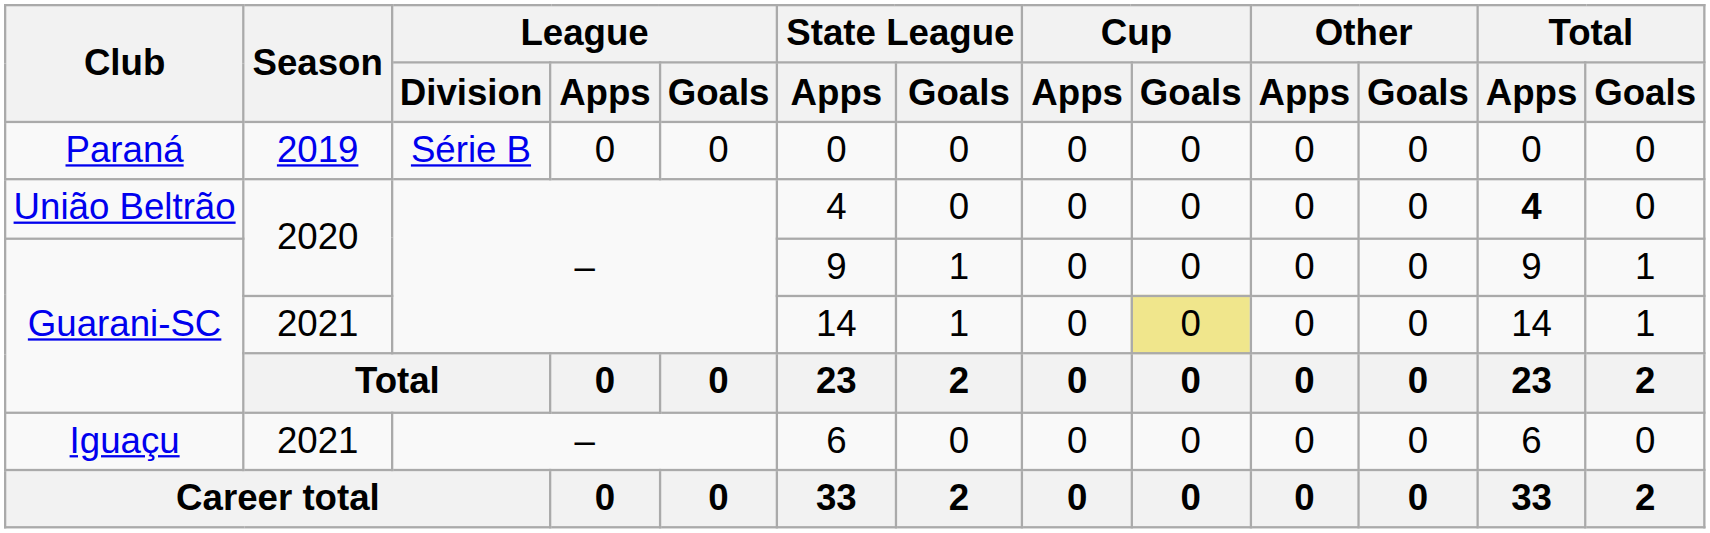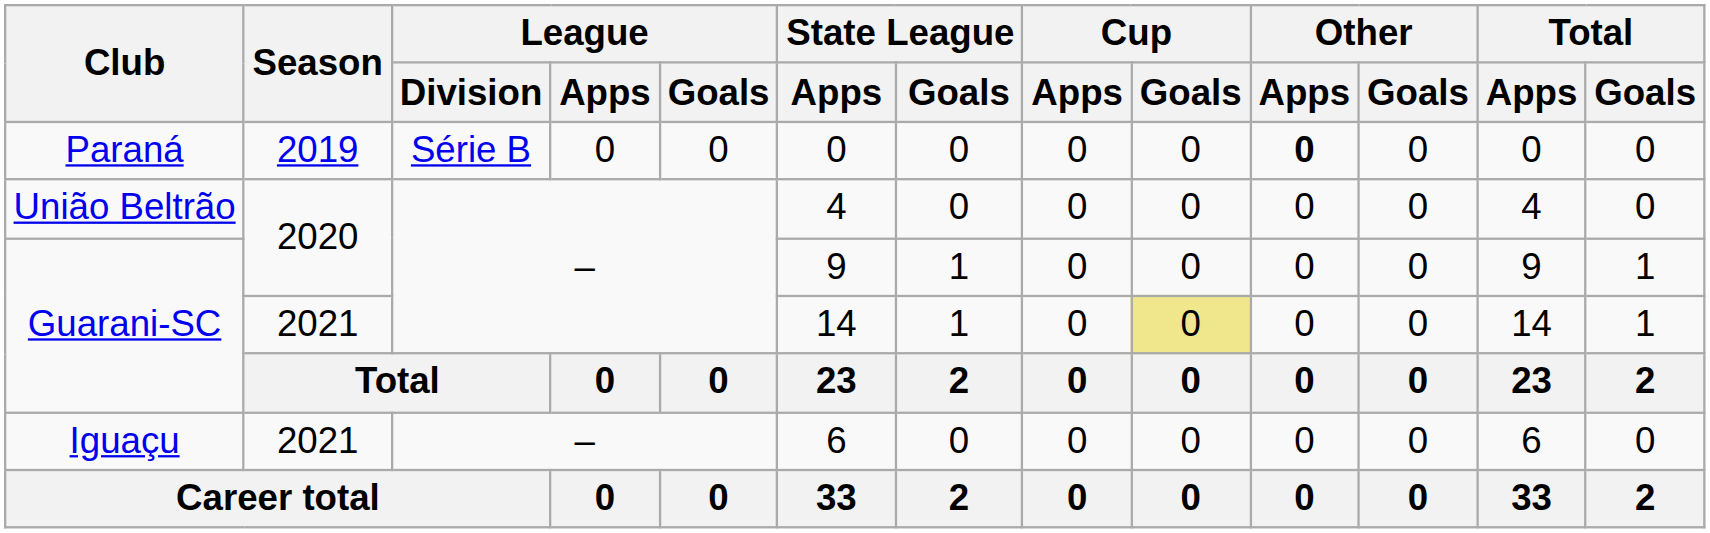 <table class="wikitable" style="text-align: center">
 <tr>
 <th rowspan="2">Club</th>
 <th rowspan="2">Season</th>
 <th colspan="3">League</th>
 <th colspan="2">State League</th>
 <th colspan="2">Cup</th>
 <th colspan="2">Other</th>
 <th colspan="2">Total</th>
 </tr>
 <tr>
 <th>Division</th>
 <th>Apps</th>
 <th>Goals</th>
 <th>Apps</th>
 <th>Goals</th>
 <th>Apps</th>
 <th>Goals</th>
 <th>Apps</th>
 <th>Goals</th>
 <th>Apps</th>
 <th>Goals</th>
 </tr>
 <tr>
 <td><a href='#'>Paraná</a></td>
 <td><a href='#'>2019</a></td>
 <td><a href='#'>Série B</a></td>
 <td>0</td>
 <td>0</td>
 <td>0</td>
 <td>0</td>
 <td>0</td>
 <td>0</td>
-<td>0</td>
+<td><strong>0</strong></td>
 <td>0</td>
 <td>0</td>
 <td>0</td>
 </tr>
 <tr>
 <td><a href='#'>União Beltrão</a></td>
 <td rowspan="2">2020</td>
 <td colspan="3" rowspan="3">–</td>
 <td>4</td>
 <td>0</td>
 <td>0</td>
 <td>0</td>
 <td>0</td>
 <td>0</td>
-<td><strong>4</strong></td>
+<td>4</td>
 <td>0</td>
 </tr>
 <tr>
 <td rowspan="3"><a href='#'>Guarani-SC</a></td>
 <td>9</td>
 <td>1</td>
 <td>0</td>
 <td>0</td>
 <td>0</td>
 <td>0</td>
 <td>9</td>
 <td>1</td>
 </tr>
 <tr>
 <td>2021</td>
 <td>14</td>
 <td>1</td>
 <td>0</td>
 <td style="background: khaki;">0</td>
 <td>0</td>
 <td>0</td>
 <td>14</td>
 <td>1</td>
 </tr>
 <tr>
 <th colspan="2"><strong>Total</strong></th>
 <th>0</th>
 <th>0</th>
 <th>23</th>
 <th>2</th>
 <th>0</th>
 <th>0</th>
 <th>0</th>
 <th>0</th>
 <th>23</th>
 <th>2</th>
 </tr>
 <tr>
 <td><a href='#'>Iguaçu</a></td>
 <td>2021</td>
 <td colspan="3">–</td>
 <td>6</td>
 <td>0</td>
 <td>0</td>
 <td>0</td>
 <td>0</td>
 <td>0</td>
 <td>6</td>
 <td>0</td>
 </tr>
 <tr>
 <th colspan="3"><strong>Career total</strong></th>
 <th>0</th>
 <th>0</th>
 <th>33</th>
 <th>2</th>
 <th>0</th>
 <th>0</th>
 <th>0</th>
 <th>0</th>
 <th>33</th>
 <th>2</th>
 </tr>
 </table>
